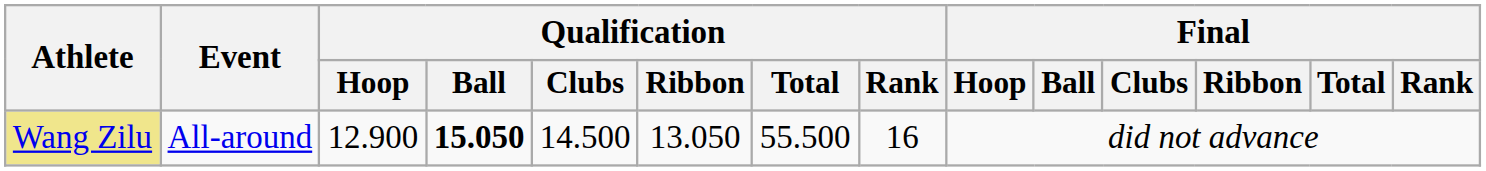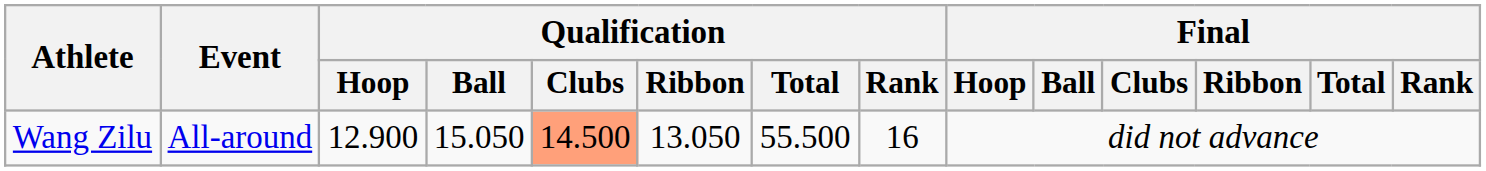 <table class=wikitable style="text-align:center;font-size:90%">
 <tr>
 <th rowspan=2>Athlete</th>
 <th rowspan=2>Event</th>
 <th colspan=6>Qualification</th>
 <th colspan=6>Final</th>
 </tr>
 <tr style="font-size:95%">
 <th>Hoop</th>
 <th>Ball</th>
 <th>Clubs</th>
 <th>Ribbon</th>
 <th>Total</th>
 <th>Rank</th>
 <th>Hoop</th>
 <th>Ball</th>
 <th>Clubs</th>
 <th>Ribbon</th>
 <th>Total</th>
 <th>Rank</th>
 </tr>
 <tr>
-<td align=left style="background: khaki;"><a href='#'>Wang Zilu</a></td>
+<td align=left><a href='#'>Wang Zilu</a></td>
 <td align=left><a href='#'>All-around</a></td>
 <td>12.900</td>
-<td><strong>15.050</strong></td>
-<td>14.500</td>
+<td>15.050</td>
+<td style="background: lightsalmon;">14.500</td>
 <td>13.050</td>
 <td>55.500</td>
 <td>16</td>
 <td Colspan=6><em>did not advance</em></td>
 </tr>
 </table>
